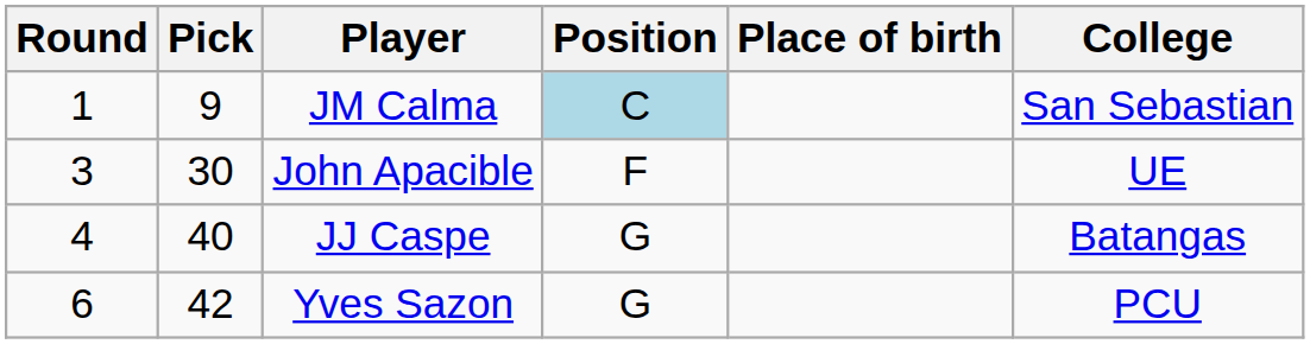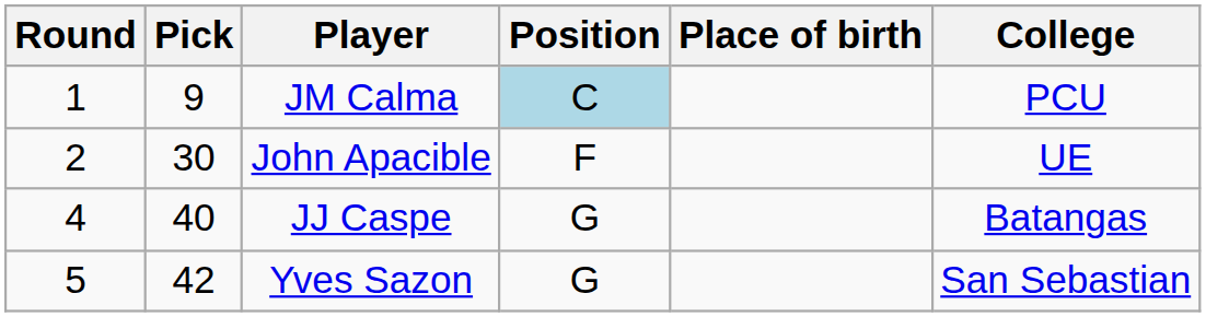 <table class="wikitable sortable sortable" style="text-align:center">
 <tr>
 <th>Round</th>
 <th>Pick</th>
 <th>Player</th>
 <th>Position</th>
 <th>Place of birth</th>
 <th>College</th>
 </tr>
 <tr>
 <td>1</td>
 <td>9</td>
 <td><a href='#'>JM Calma</a></td>
 <td style="background: lightblue;">C</td>
 <td></td>
-<td><a href='#'>San Sebastian</a></td>
+<td><a href='#'>PCU</a></td>
 </tr>
 <tr>
-<td>3</td>
+<td>2</td>
 <td>30</td>
 <td><a href='#'>John Apacible</a></td>
 <td>F</td>
 <td></td>
 <td><a href='#'>UE</a></td>
 </tr>
 <tr>
 <td>4</td>
 <td>40</td>
 <td><a href='#'>JJ Caspe</a></td>
 <td>G</td>
 <td></td>
 <td><a href='#'>Batangas</a></td>
 </tr>
 <tr>
-<td>6</td>
+<td>5</td>
 <td>42</td>
 <td><a href='#'>Yves Sazon</a></td>
 <td>G</td>
 <td></td>
-<td><a href='#'>PCU</a></td>
+<td><a href='#'>San Sebastian</a></td>
 </tr>
 </table>
